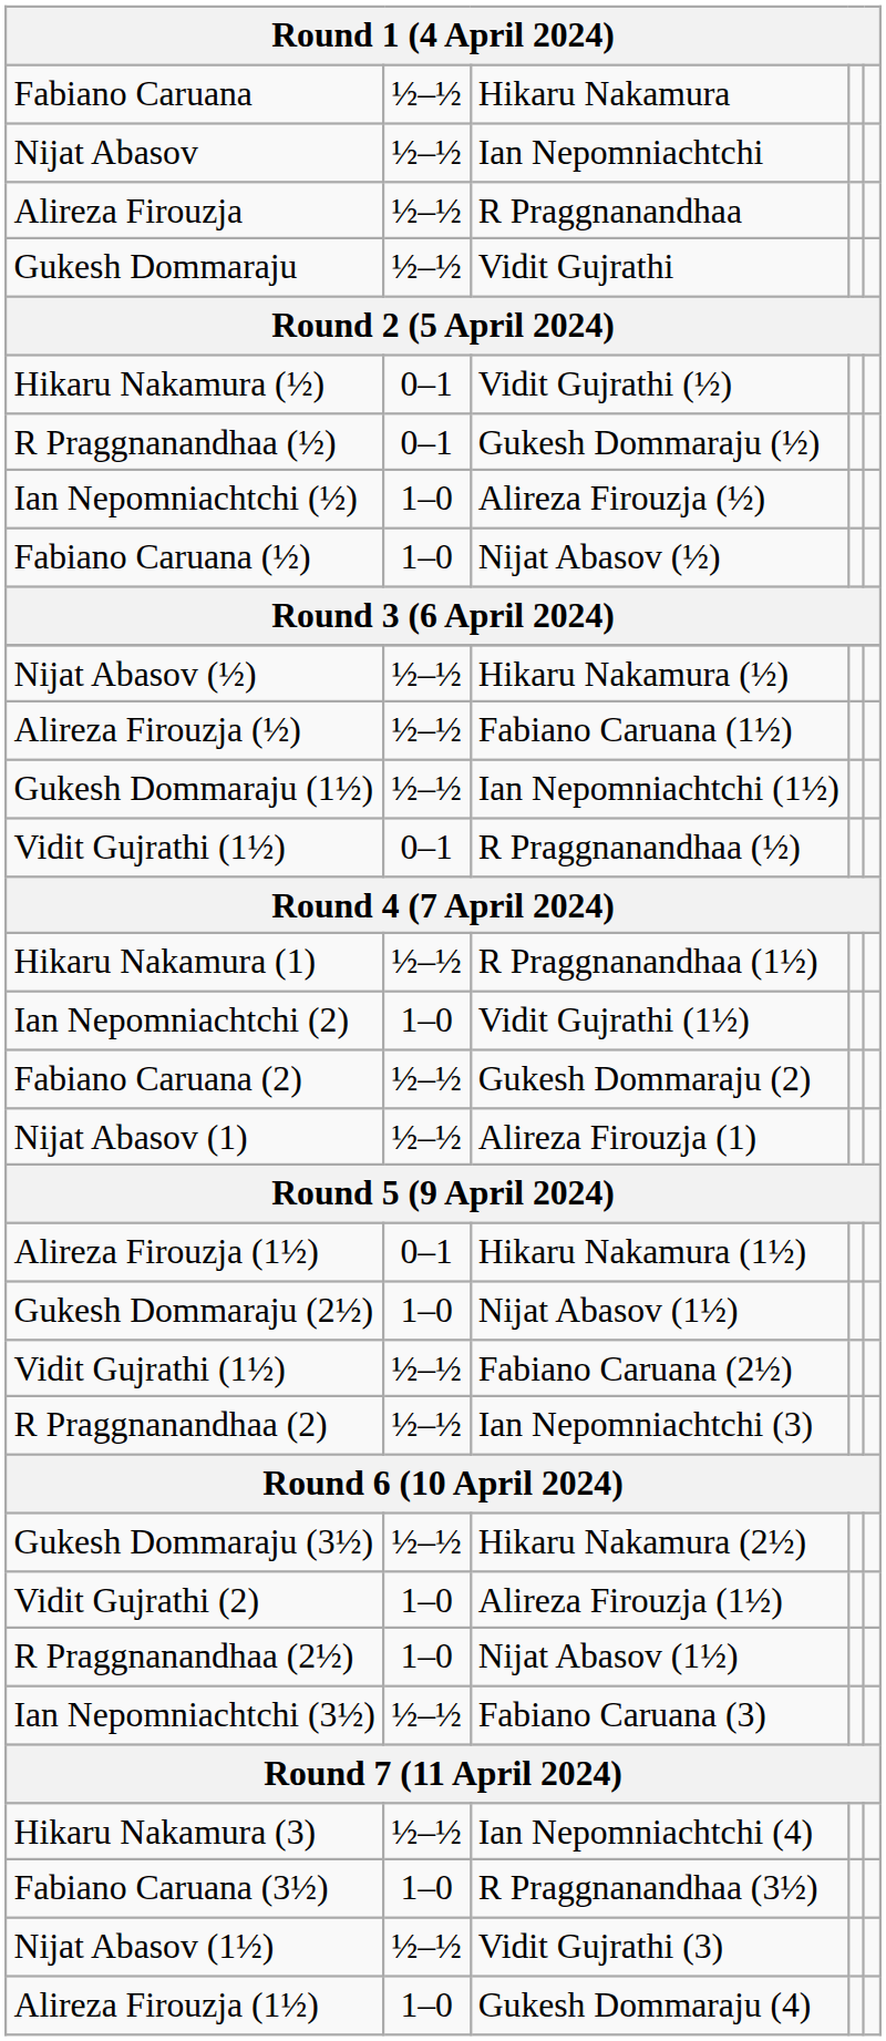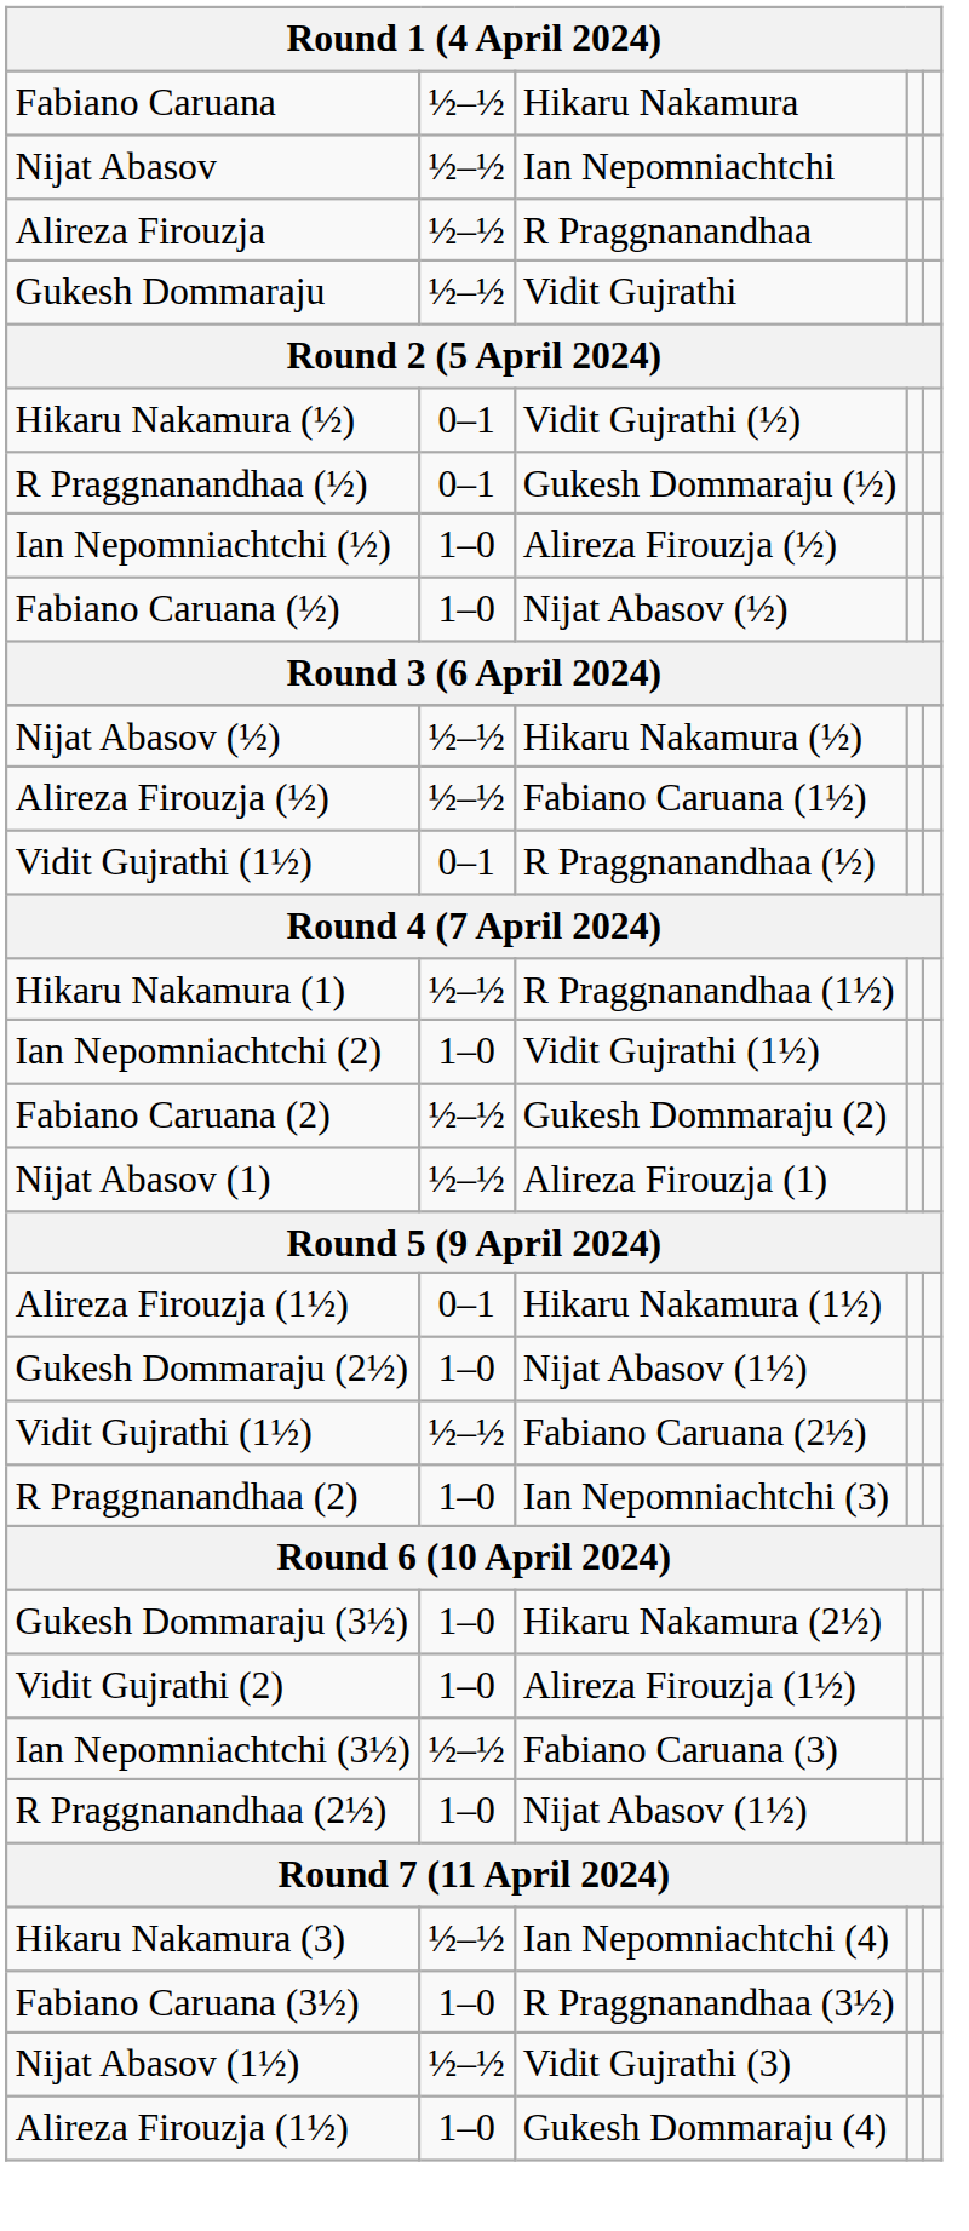 <table class="wikitable mw-collapsible" style="display:inline-table; font-size: 90%">
 <tr>
 <th colspan="5">Round 1 (4 April 2024)</th>
 </tr>
 <tr>
 <td>Fabiano Caruana</td>
 <td style="text-align: center";>½–½</td>
 <td>Hikaru Nakamura</td>
 <td></td>
 <td></td>
 </tr>
 <tr>
 <td>Nijat Abasov</td>
 <td style="text-align: center";>½–½</td>
 <td>Ian Nepomniachtchi</td>
 <td></td>
 <td></td>
 </tr>
 <tr>
 <td>Alireza Firouzja</td>
 <td style="text-align: center";>½–½</td>
 <td>R Praggnanandhaa</td>
 <td></td>
 <td></td>
 </tr>
 <tr>
 <td>Gukesh Dommaraju</td>
 <td style="text-align: center";>½–½</td>
 <td>Vidit Gujrathi</td>
 <td></td>
 <td></td>
 </tr>
 <tr>
 <th colspan="5">Round 2 (5 April 2024)</th>
 </tr>
 <tr>
 <td>Hikaru Nakamura (½)</td>
 <td style="text-align: center";>0–1</td>
 <td>Vidit Gujrathi (½)</td>
 <td></td>
 <td></td>
 </tr>
 <tr>
 <td>R Praggnanandhaa (½)</td>
 <td style="text-align: center";>0–1</td>
 <td>Gukesh Dommaraju (½)</td>
 <td></td>
 <td></td>
 </tr>
 <tr>
 <td>Ian Nepomniachtchi (½)</td>
 <td style="text-align: center";>1–0</td>
 <td>Alireza Firouzja (½)</td>
 <td></td>
 <td></td>
 </tr>
 <tr>
 <td>Fabiano Caruana (½)</td>
 <td style="text-align: center";>1–0</td>
 <td>Nijat Abasov (½)</td>
 <td></td>
 <td></td>
 </tr>
 <tr>
 <th colspan="5">Round 3 (6 April 2024)</th>
 </tr>
 <tr>
 </tr>
 <tr>
 <td>Nijat Abasov (½)</td>
 <td style="text-align: center";>½–½</td>
 <td>Hikaru Nakamura (½)</td>
 <td></td>
 <td></td>
 </tr>
 <tr>
 <td>Alireza Firouzja (½)</td>
 <td style="text-align: center";>½–½</td>
 <td>Fabiano Caruana (1½)</td>
 <td></td>
 <td></td>
 </tr>
 <tr>
-<td>Gukesh Dommaraju (1½)</td>
-<td style="text-align: center";>½–½</td>
-<td>Ian Nepomniachtchi (1½)</td>
-<td></td>
-<td></td>
-</tr>
-<tr>
 <td>Vidit Gujrathi (1½)</td>
 <td style="text-align: center";>0–1</td>
 <td>R Praggnanandhaa (½)</td>
 <td></td>
 <td></td>
 </tr>
 <tr>
 <th colspan="5">Round 4 (7 April 2024)</th>
 </tr>
 <tr>
 <td>Hikaru Nakamura (1)</td>
 <td style="text-align: center";>½–½</td>
 <td>R Praggnanandhaa (1½)</td>
 <td></td>
 <td></td>
 </tr>
 <tr>
 <td>Ian Nepomniachtchi (2)</td>
 <td style="text-align: center" ;>1–0</td>
 <td>Vidit Gujrathi (1½)</td>
 <td></td>
 <td></td>
 </tr>
 <tr>
 <td>Fabiano Caruana (2)</td>
 <td style="text-align: center";>½–½</td>
 <td>Gukesh Dommaraju (2)</td>
 <td></td>
 <td></td>
 </tr>
 <tr>
 <td>Nijat Abasov (1)</td>
 <td style="text-align: center";>½–½</td>
 <td>Alireza Firouzja (1)</td>
 <td></td>
 <td></td>
 </tr>
 <tr>
 <th colspan="5">Round 5 (9 April 2024)</th>
 </tr>
 <tr>
 <td>Alireza Firouzja (1½)</td>
 <td style="text-align: center";>0–1</td>
 <td>Hikaru Nakamura (1½)</td>
 <td></td>
 <td></td>
 </tr>
 <tr>
 <td>Gukesh Dommaraju (2½)</td>
 <td style="text-align: center";>1–0</td>
 <td>Nijat Abasov (1½)</td>
 <td></td>
 <td></td>
 </tr>
 <tr>
 <td>Vidit Gujrathi (1½)</td>
 <td style="text-align: center";>½–½</td>
 <td>Fabiano Caruana (2½)</td>
 <td></td>
 <td></td>
 </tr>
 <tr>
 <td>R Praggnanandhaa (2)</td>
-<td style="text-align: center";>½–½</td>
+<td style="text-align: center";>1–0</td>
 <td>Ian Nepomniachtchi (3)</td>
 <td></td>
 <td></td>
 </tr>
 <tr>
 <th colspan="5">Round 6 (10 April 2024)</th>
 </tr>
 <tr>
 <td>Gukesh Dommaraju (3½)</td>
-<td style="text-align: center";>½–½</td>
+<td style="text-align: center";>1–0</td>
 <td>Hikaru Nakamura (2½)</td>
 <td></td>
 <td></td>
 </tr>
 <tr>
 <td>Vidit Gujrathi (2)</td>
 <td style="text-align: center";>1–0</td>
 <td>Alireza Firouzja (1½)</td>
 <td></td>
 <td></td>
 </tr>
 <tr>
-<td>R Praggnanandhaa (2½)</td>
-<td style="text-align: center";>1–0</td>
-<td>Nijat Abasov (1½)</td>
+<td>Ian Nepomniachtchi (3½)</td>
+<td style="text-align: center";>½–½</td>
+<td>Fabiano Caruana (3)</td>
 <td></td>
 <td></td>
 </tr>
 <tr>
-<td>Ian Nepomniachtchi (3½)</td>
-<td style="text-align: center";>½–½</td>
-<td>Fabiano Caruana (3)</td>
+<td>R Praggnanandhaa (2½)</td>
+<td style="text-align: center";>1–0</td>
+<td>Nijat Abasov (1½)</td>
 <td></td>
 <td></td>
 </tr>
 <tr>
 <th colspan="5">Round 7 (11 April 2024)</th>
 </tr>
 <tr>
 <td>Hikaru Nakamura (3)</td>
 <td style="text-align: center";>½–½</td>
 <td>Ian Nepomniachtchi (4)</td>
 <td></td>
 <td></td>
 </tr>
 <tr>
 <td>Fabiano Caruana (3½)</td>
 <td style="text-align: center";>1–0</td>
 <td>R Praggnanandhaa (3½)</td>
 <td></td>
 <td></td>
 </tr>
 <tr>
 <td>Nijat Abasov (1½)</td>
 <td style="text-align: center";>½–½</td>
 <td>Vidit Gujrathi (3)</td>
 <td></td>
 <td></td>
 </tr>
 <tr>
 <td>Alireza Firouzja (1½)</td>
 <td style="text-align: center";>1–0</td>
 <td>Gukesh Dommaraju (4)</td>
 <td></td>
 <td></td>
 </tr>
 </table>
